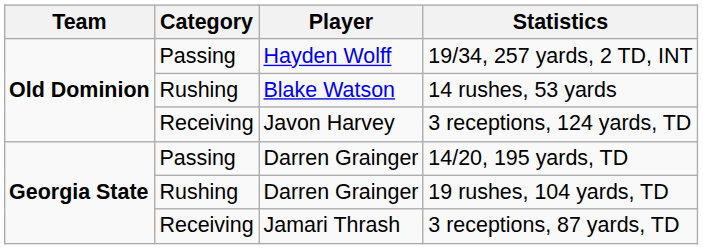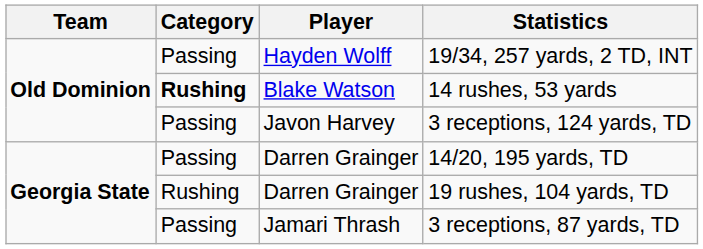 <table class="wikitable" style="float: right;">
 <tr>
 <th>Team</th>
 <th>Category</th>
 <th>Player</th>
 <th>Statistics</th>
 </tr>
 <tr>
 <td rowspan=3><strong>Old Dominion</strong></td>
 <td>Passing</td>
 <td><a href='#'>Hayden Wolff</a></td>
 <td>19/34, 257 yards, 2 TD, INT</td>
 </tr>
 <tr>
-<td>Rushing</td>
+<td><strong>Rushing</strong></td>
 <td><a href='#'>Blake Watson</a></td>
 <td>14 rushes, 53 yards</td>
 </tr>
 <tr>
-<td>Receiving</td>
+<td>Passing</td>
 <td>Javon Harvey</td>
 <td>3 receptions, 124 yards, TD</td>
 </tr>
 <tr>
 <td rowspan=3><strong>Georgia State</strong></td>
 <td>Passing</td>
 <td>Darren Grainger</td>
 <td>14/20, 195 yards, TD</td>
 </tr>
 <tr>
 <td>Rushing</td>
 <td>Darren Grainger</td>
 <td>19 rushes, 104 yards, TD</td>
 </tr>
 <tr>
-<td>Receiving</td>
+<td>Passing</td>
 <td>Jamari Thrash</td>
 <td>3 receptions, 87 yards, TD</td>
 </tr>
 </table>
